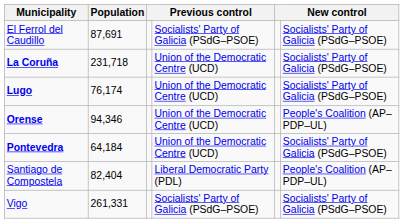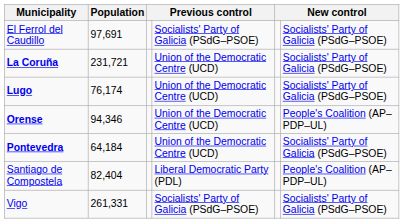 <table class="wikitable sortable">
 <tr>
 <th>Municipality</th>
 <th>Population</th>
 <th colspan="2" style="width:375px;">Previous control</th>
 <th colspan="2" style="width:375px;">New control</th>
 </tr>
 <tr>
 <td><a href='#'>El Ferrol del Caudillo</a></td>
-<td>87,691</td>
+<td>97,691</td>
 <td width="1" style="color:inherit;background:"></td>
 <td><a href='#'>Socialists' Party of Galicia</a> (PSdG–PSOE)</td>
 <td width="1" style="color:inherit;background:"></td>
 <td><a href='#'>Socialists' Party of Galicia</a> (PSdG–PSOE)</td>
 </tr>
 <tr>
 <td><strong><a href='#'>La Coruña</a></strong></td>
-<td>231,718</td>
+<td>231,721</td>
 <td style="color:inherit;background:"></td>
 <td><a href='#'>Union of the Democratic Centre</a> (UCD)</td>
 <td style="color:inherit;background:"></td>
 <td><a href='#'>Socialists' Party of Galicia</a> (PSdG–PSOE)</td>
 </tr>
 <tr>
 <td><strong><a href='#'>Lugo</a></strong></td>
 <td>76,174</td>
 <td style="color:inherit;background:"></td>
 <td><a href='#'>Union of the Democratic Centre</a> (UCD)</td>
 <td style="color:inherit;background:"></td>
 <td><a href='#'>Socialists' Party of Galicia</a> (PSdG–PSOE)</td>
 </tr>
 <tr>
 <td><strong><a href='#'>Orense</a></strong></td>
 <td>94,346</td>
 <td style="color:inherit;background:"></td>
 <td><a href='#'>Union of the Democratic Centre</a> (UCD)</td>
 <td style="color:inherit;background:"></td>
 <td><a href='#'>People's Coalition</a> (AP–PDP–UL)</td>
 </tr>
 <tr>
 <td><strong><a href='#'>Pontevedra</a></strong></td>
 <td>64,184</td>
 <td style="color:inherit;background:"></td>
 <td><a href='#'>Union of the Democratic Centre</a> (UCD)</td>
 <td style="color:inherit;background:"></td>
 <td><a href='#'>Socialists' Party of Galicia</a> (PSdG–PSOE) </td>
 </tr>
 <tr>
 <td><a href='#'>Santiago de Compostela</a></td>
 <td>82,404</td>
 <td style="color:inherit;background:"></td>
 <td><a href='#'>Liberal Democratic Party</a> (PDL)</td>
 <td style="color:inherit;background:"></td>
 <td><a href='#'>People's Coalition</a> (AP–PDP–UL) </td>
 </tr>
 <tr>
 <td><a href='#'>Vigo</a></td>
 <td>261,331</td>
 <td style="color:inherit;background:"></td>
 <td><a href='#'>Socialists' Party of Galicia</a> (PSdG–PSOE)</td>
 <td style="color:inherit;background:"></td>
 <td><a href='#'>Socialists' Party of Galicia</a> (PSdG–PSOE)</td>
 </tr>
 </table>
